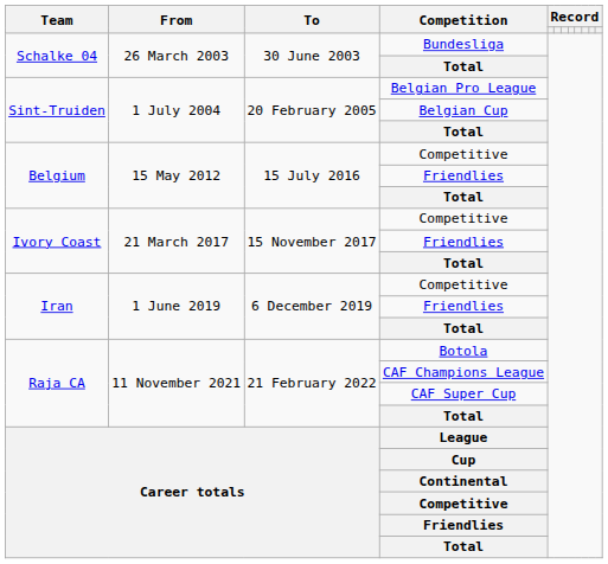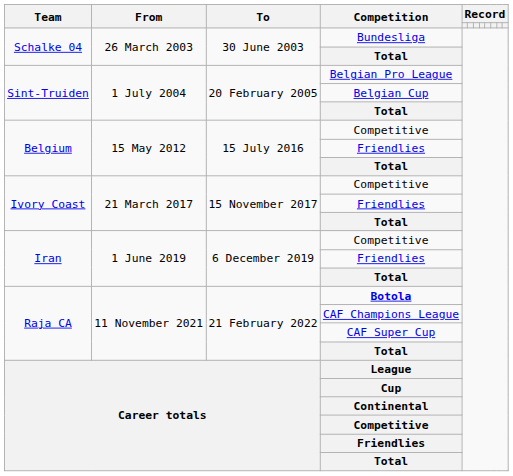 <table class="wikitable nowrap" style="text-align: center">
 <tr>
 <th rowspan="2">Team</th>
 <th rowspan="2">From</th>
 <th rowspan="2">To</th>
 <th rowspan="2">Competition</th>
 <th colspan="8">Record</th>
 </tr>
 <tr>
 <th></th>
 <th></th>
 <th></th>
 <th></th>
 <th></th>
 <th></th>
 <th></th>
 <th></th>
 </tr>
 <tr>
 <td rowspan="2"><a href='#'>Schalke 04</a></td>
 <td rowspan="2">26 March 2003</td>
 <td rowspan="2">30 June 2003</td>
 <td><a href='#'>Bundesliga</a><br></td>
 </tr>
 <tr>
 <th>Total<br></th>
 </tr>
 <tr>
 <td rowspan="3"><a href='#'>Sint-Truiden</a></td>
 <td rowspan="3">1 July 2004</td>
 <td rowspan="3">20 February 2005</td>
 <td><a href='#'>Belgian Pro League</a><br></td>
 </tr>
 <tr>
 <td><a href='#'>Belgian Cup</a><br></td>
 </tr>
 <tr>
 <th>Total<br></th>
 </tr>
 <tr>
 <td rowspan="3"><a href='#'>Belgium</a></td>
 <td rowspan="3">15 May 2012</td>
 <td rowspan="3">15 July 2016</td>
 <td>Competitive<br></td>
 </tr>
 <tr>
 <td><a href='#'>Friendlies</a><br></td>
 </tr>
 <tr>
 <th>Total<br></th>
 </tr>
 <tr>
 <td rowspan="3"><a href='#'>Ivory Coast</a></td>
 <td rowspan="3">21 March 2017</td>
 <td rowspan="3">15 November 2017</td>
 <td>Competitive<br></td>
 </tr>
 <tr>
 <td><a href='#'>Friendlies</a><br></td>
 </tr>
 <tr>
 <th>Total<br></th>
 </tr>
 <tr>
 <td rowspan="3"><a href='#'>Iran</a></td>
 <td rowspan="3">1 June 2019</td>
 <td rowspan="3">6 December 2019</td>
 <td>Competitive<br></td>
 </tr>
 <tr>
 <td><a href='#'>Friendlies</a><br></td>
 </tr>
 <tr>
 <th>Total<br></th>
 </tr>
 <tr>
 <td rowspan="4"><a href='#'>Raja CA</a></td>
 <td rowspan="4">11 November 2021</td>
 <td rowspan="4">21 February 2022</td>
-<td><a href='#'>Botola</a><br></td>
+<td><strong><a href='#'>Botola</a><br></strong></td>
 </tr>
 <tr>
 <td><a href='#'>CAF Champions League</a><br></td>
 </tr>
 <tr>
 <td><a href='#'>CAF Super Cup</a><br></td>
 </tr>
 <tr>
 <th>Total<br></th>
 </tr>
 <tr>
 <th rowspan="6" colspan="3">Career totals</th>
 <th>League<br></th>
 </tr>
 <tr>
 <th>Cup<br></th>
 </tr>
 <tr>
 <th>Continental<br></th>
 </tr>
 <tr>
 <th>Competitive<br></th>
 </tr>
 <tr>
 <th>Friendlies<br></th>
 </tr>
 <tr>
 <th>Total<br></th>
 </tr>
 </table>
